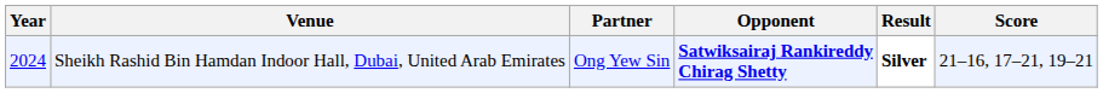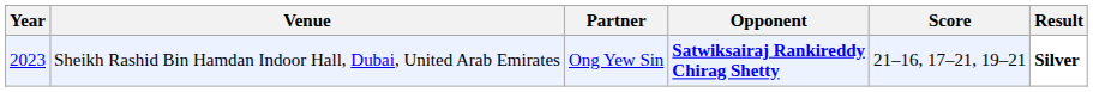 <table class="sortable wikitable" style="font-size: 90%">
 <tr>
 <th>Year</th>
 <th>Venue</th>
 <th>Partner</th>
 <th>Opponent</th>
+<th>Score</th>
 <th>Result</th>
-<th>Score</th>
 </tr>
 <tr style="background:#ECF2FF">
-<td align="center"><a href='#'>2024</a></td>
+<td align="center"><a href='#'>2023</a></td>
 <td align="left">Sheikh Rashid Bin Hamdan Indoor Hall, <a href='#'>Dubai</a>, United Arab Emirates</td>
 <td align="left"> <a href='#'>Ong Yew Sin</a></td>
 <td align="left"><strong> <a href='#'>Satwiksairaj Rankireddy</a><br> <a href='#'>Chirag Shetty</a></strong></td>
+<td align="left">21–16, 17–21, 19–21</td>
 <td style="text-align:left; background:white"> <strong>Silver</strong></td>
-<td align="left">21–16, 17–21, 19–21</td>
 </tr>
 </table>
